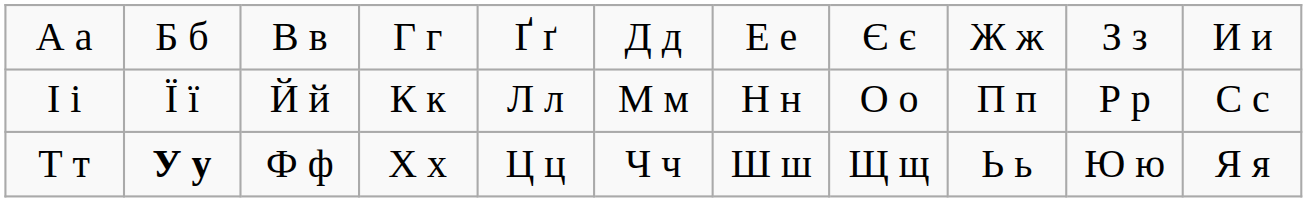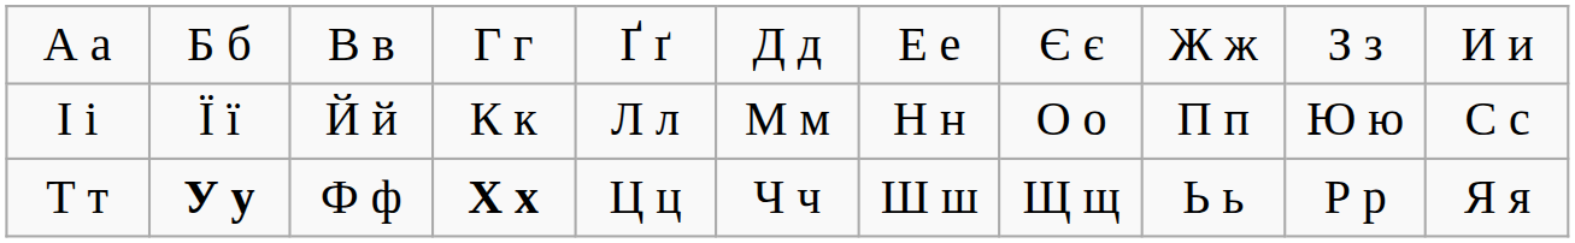 <table class="wikitable" style="margin-left:auto; margin-right:auto; font-family:serif; text-align: center; font-size: 120%">
 <tr>
 <td style="width:2.5em;">А а</td>
 <td style="width:2.5em;">Б б</td>
 <td style="width:2.5em;">В в</td>
 <td style="width:2.5em;">Г г</td>
 <td style="width:2.5em;">Ґ ґ</td>
 <td style="width:2.5em;">Д д</td>
 <td style="width:2.5em;">Е е</td>
 <td style="width:2.5em;">Є є</td>
 <td style="width:2.5em;">Ж ж</td>
 <td style="width:2.5em;">З з</td>
 <td style="width:2.5em;">И и</td>
 </tr>
 <tr>
 <td>І і</td>
 <td>Ї ї</td>
 <td>Й й</td>
 <td>К к</td>
 <td>Л л</td>
 <td>М м</td>
 <td>Н н</td>
 <td>О о</td>
 <td>П п</td>
-<td>Р р</td>
+<td>Ю ю</td>
 <td>С с</td>
 </tr>
 <tr>
 <td>Т т</td>
 <td><strong>У у</strong></td>
 <td>Ф ф</td>
-<td>Х х</td>
+<td><strong>Х х</strong></td>
 <td>Ц ц</td>
 <td>Ч ч</td>
 <td>Ш ш</td>
 <td>Щ щ</td>
 <td>Ь ь</td>
-<td>Ю ю</td>
+<td>Р р</td>
 <td>Я я</td>
 </tr>
 </table>
